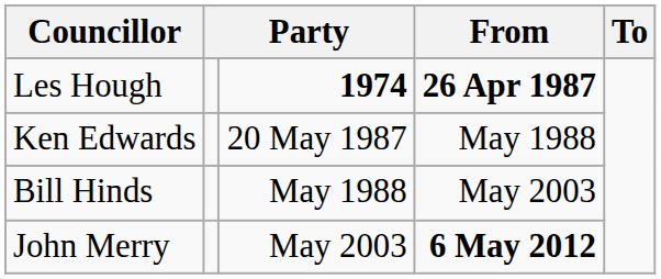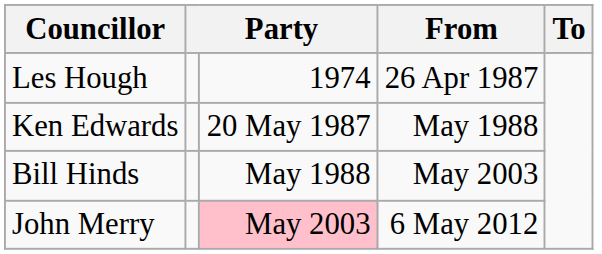 <table class=wikitable>
 <tr>
 <th>Councillor</th>
 <th colspan=2>Party</th>
 <th>From</th>
 <th>To</th>
 </tr>
 <tr>
 <td>Les Hough</td>
 <td></td>
-<td align=right><strong>1974</strong></td>
-<td align=right><strong>26 Apr 1987</strong></td>
+<td align=right>1974</td>
+<td align=right>26 Apr 1987</td>
 </tr>
 <tr>
 <td>Ken Edwards</td>
 <td></td>
 <td align=right>20 May 1987</td>
 <td align=right>May 1988</td>
 </tr>
 <tr>
 <td>Bill Hinds</td>
 <td></td>
 <td align=right>May 1988</td>
 <td align=right>May 2003</td>
 </tr>
 <tr>
 <td>John Merry</td>
 <td></td>
-<td align=right>May 2003</td>
-<td align=right><strong>6 May 2012</strong></td>
+<td align=right style="background: pink;">May 2003</td>
+<td align=right>6 May 2012</td>
 </tr>
 </table>
